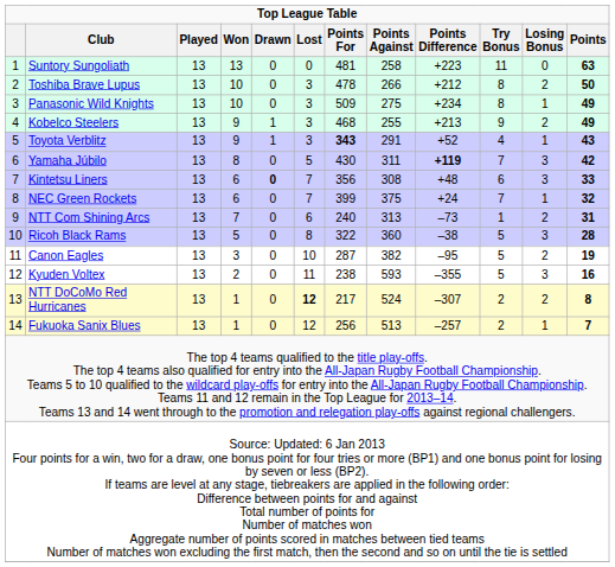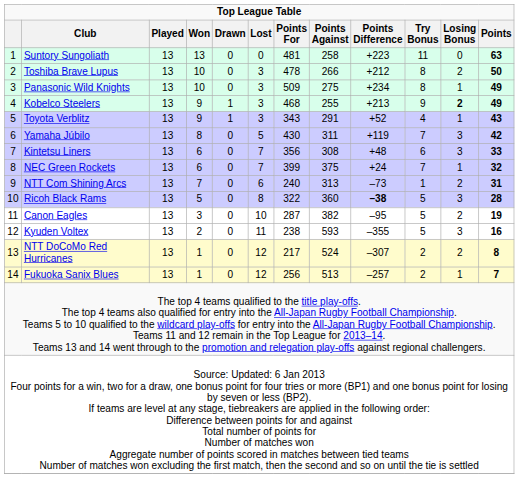 <table class="wikitable" style="text-align: center;">
 <tr>
 <td colspan="15" cellpadding="0" cellspacing="0"><strong>Top League Table</strong></td>
 </tr>
 <tr>
 <th bgcolor="#efefef" width="20"></th>
 <th bgcolor="#efefef" width="195">Club</th>
 <th bgcolor="#efefef" width="20">Played</th>
 <th bgcolor="#efefef" width="20">Won</th>
 <th bgcolor="#efefef" width="20">Drawn</th>
 <th bgcolor="#efefef" width="20">Lost</th>
 <th bgcolor="#efefef" width="20">Points For</th>
 <th bgcolor="#efefef" width="20">Points Against</th>
 <th bgcolor="#efefef" width="20">Points Difference</th>
 <th bgcolor="#efefef" width="20">Try Bonus</th>
 <th bgcolor="#efefef" width="20">Losing Bonus</th>
 <th bgcolor="#efefef" width="20">Points<br></th>
 </tr>
 <tr bgcolor=#d8ffeb align=center>
 <td>1</td>
 <td align=left><a href='#'>Suntory Sungoliath</a></td>
 <td>13</td>
 <td>13</td>
 <td>0</td>
 <td>0</td>
 <td>481</td>
 <td>258</td>
 <td>+223</td>
 <td>11</td>
 <td>0</td>
 <td><strong>63</strong></td>
 </tr>
 <tr bgcolor=#d8ffeb align=center>
 <td>2</td>
 <td align=left><a href='#'>Toshiba Brave Lupus</a></td>
 <td>13</td>
 <td>10</td>
 <td>0</td>
 <td>3</td>
 <td>478</td>
 <td>266</td>
 <td>+212</td>
 <td>8</td>
 <td>2</td>
 <td><strong>50</strong></td>
 </tr>
 <tr bgcolor=#d8ffeb align=center>
 <td>3</td>
 <td align=left><a href='#'>Panasonic Wild Knights</a></td>
 <td>13</td>
 <td>10</td>
 <td>0</td>
 <td>3</td>
 <td>509</td>
 <td>275</td>
 <td>+234</td>
 <td>8</td>
 <td>1</td>
 <td><strong>49</strong></td>
 </tr>
 <tr bgcolor=#d8ffeb align=center>
 <td>4</td>
 <td align=left><a href='#'>Kobelco Steelers</a></td>
 <td>13</td>
 <td>9</td>
 <td>1</td>
 <td>3</td>
 <td>468</td>
 <td>255</td>
 <td>+213</td>
 <td>9</td>
-<td>2</td>
+<td><strong>2</strong></td>
 <td><strong>49</strong></td>
 </tr>
 <tr bgcolor=#ccccff align=center>
 <td>5</td>
 <td align=left><a href='#'>Toyota Verblitz</a></td>
 <td>13</td>
 <td>9</td>
 <td>1</td>
 <td>3</td>
-<td><strong>343</strong></td>
+<td>343</td>
 <td>291</td>
 <td>+52</td>
 <td>4</td>
 <td>1</td>
 <td><strong>43</strong></td>
 </tr>
 <tr bgcolor=#ccccff align=center>
 <td>6</td>
 <td align=left><a href='#'>Yamaha Júbilo</a></td>
 <td>13</td>
 <td>8</td>
 <td>0</td>
 <td>5</td>
 <td>430</td>
 <td>311</td>
-<td><strong>+119</strong></td>
+<td>+119</td>
 <td>7</td>
 <td>3</td>
 <td><strong>42</strong></td>
 </tr>
 <tr bgcolor=#ccccff align=center>
 <td>7</td>
 <td align=left><a href='#'>Kintetsu Liners</a></td>
 <td>13</td>
 <td>6</td>
-<td><strong>0</strong></td>
+<td>0</td>
 <td>7</td>
 <td>356</td>
 <td>308</td>
 <td>+48</td>
 <td>6</td>
 <td>3</td>
 <td><strong>33</strong></td>
 </tr>
 <tr bgcolor=#ccccff align=center>
 <td>8</td>
 <td align=left><a href='#'>NEC Green Rockets</a></td>
 <td>13</td>
 <td>6</td>
 <td>0</td>
 <td>7</td>
 <td>399</td>
 <td>375</td>
 <td>+24</td>
 <td>7</td>
 <td>1</td>
 <td><strong>32</strong></td>
 </tr>
 <tr bgcolor=#ccccff align=center>
 <td>9</td>
 <td align=left><a href='#'>NTT Com Shining Arcs</a></td>
 <td>13</td>
 <td>7</td>
 <td>0</td>
 <td>6</td>
 <td>240</td>
 <td>313</td>
 <td>–73</td>
 <td>1</td>
 <td>2</td>
 <td><strong>31</strong></td>
 </tr>
 <tr bgcolor=#ccccff align=center>
 <td>10</td>
 <td align=left><a href='#'>Ricoh Black Rams</a></td>
 <td>13</td>
 <td>5</td>
 <td>0</td>
 <td>8</td>
 <td>322</td>
 <td>360</td>
-<td>–38</td>
+<td><strong>–38</strong></td>
 <td>5</td>
 <td>3</td>
 <td><strong>28</strong></td>
 </tr>
 <tr bgcolor=#ffffff align=center>
 <td>11</td>
 <td align=left><a href='#'>Canon Eagles</a></td>
 <td>13</td>
 <td>3</td>
 <td>0</td>
 <td>10</td>
 <td>287</td>
 <td>382</td>
 <td>–95</td>
 <td>5</td>
 <td>2</td>
 <td><strong>19</strong></td>
 </tr>
 <tr bgcolor=#ffffff align=center>
 <td>12</td>
 <td align=left><a href='#'>Kyuden Voltex</a></td>
 <td>13</td>
 <td>2</td>
 <td>0</td>
 <td>11</td>
 <td>238</td>
 <td>593</td>
 <td>–355</td>
 <td>5</td>
 <td>3</td>
 <td><strong>16</strong></td>
 </tr>
 <tr bgcolor=#fffccc align=center>
 <td>13</td>
 <td align=left><a href='#'>NTT DoCoMo Red Hurricanes</a></td>
 <td>13</td>
 <td>1</td>
 <td>0</td>
-<td><strong>12</strong></td>
+<td>12</td>
 <td>217</td>
 <td>524</td>
 <td>–307</td>
 <td>2</td>
 <td>2</td>
 <td><strong>8</strong></td>
 </tr>
 <tr bgcolor=#fffccc align=center>
 <td>14</td>
 <td align=left><a href='#'>Fukuoka Sanix Blues</a></td>
 <td>13</td>
 <td>1</td>
 <td>0</td>
 <td>12</td>
 <td>256</td>
 <td>513</td>
 <td>–257</td>
 <td>2</td>
 <td>1</td>
 <td><strong>7</strong></td>
 </tr>
 <tr align=center>
 <td colspan="15" style="border:0px"><br> The top 4 teams qualified to the <a href='#'>title play-offs</a>.<br> The top 4 teams also qualified for entry into the <a href='#'>All-Japan Rugby Football Championship</a>.<br>  Teams 5 to 10 qualified to the <a href='#'>wildcard play-offs</a> for entry into the <a href='#'>All-Japan Rugby Football Championship</a>.<br>  Teams 11 and 12 remain in the Top League for <a href='#'>2013–14</a>.<br>  Teams 13 and 14 went through to the <a href='#'>promotion and relegation play-offs</a> against regional challengers.</td>
 </tr>
 <tr bgcolor=#ffffff align=center>
 <td colspan="15"><br>Source: Updated: 6 Jan 2013<br>Four points for a win, two for a draw, one bonus point for four tries or more (BP1) and one bonus point for losing by seven or less (BP2).<br> If teams are level at any stage, tiebreakers are applied in the following order:<br>  Difference between points for and against<br>  Total number of points for<br>  Number of matches won<br>  Aggregate number of points scored in matches between tied teams<br>  Number of matches won excluding the first match, then the second and so on until the tie is settled</td>
 </tr>
 <tr |align=left|>
 </tr>
 </table>
